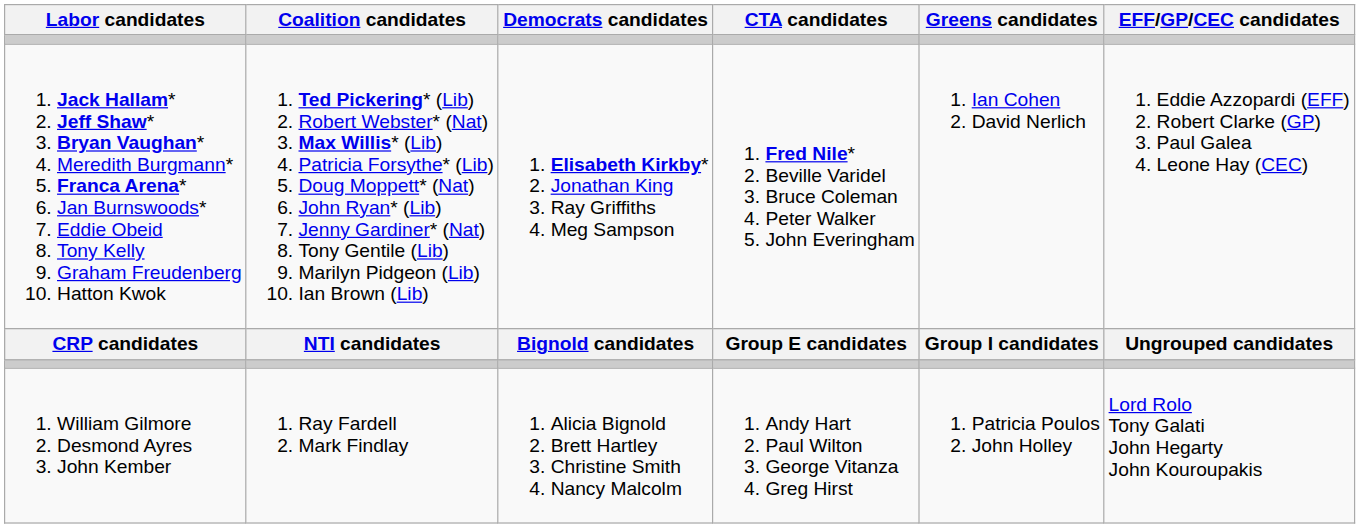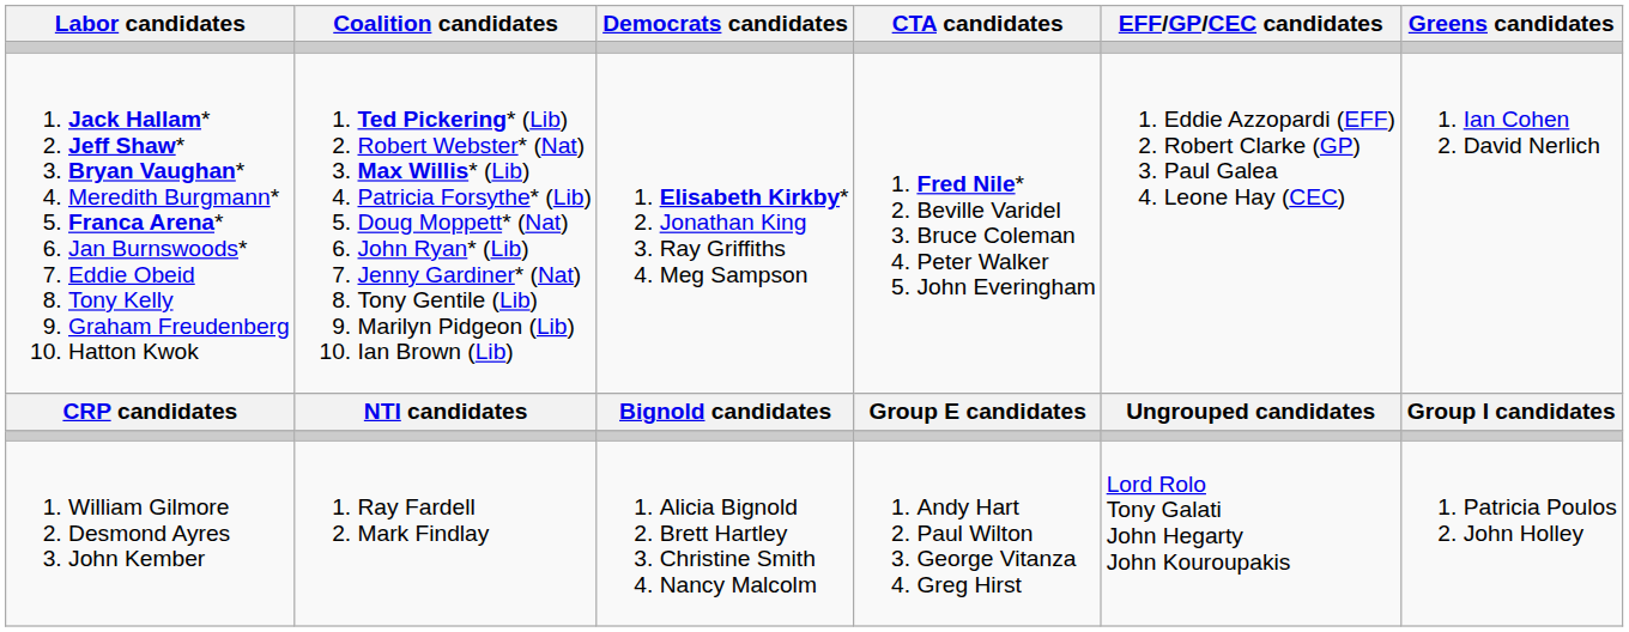 <table class="wikitable">
 <tr>
 <th><a href='#'>Labor</a> candidates</th>
 <th><a href='#'>Coalition</a> candidates</th>
 <th><a href='#'>Democrats</a> candidates</th>
 <th><a href='#'>CTA</a> candidates</th>
+<th><a href='#'>EFF</a>/<a href='#'>GP</a>/<a href='#'>CEC</a> candidates</th>
 <th><a href='#'>Greens</a> candidates</th>
-<th><a href='#'>EFF</a>/<a href='#'>GP</a>/<a href='#'>CEC</a> candidates</th>
 </tr>
 <tr bgcolor="#cccccc">
 <td></td>
 <td></td>
 <td></td>
 <td></td>
 <td></td>
 <td></td>
 </tr>
 <tr>
 <td><br><ol><li><strong><a href='#'>Jack Hallam</a></strong>*</li><li><strong><a href='#'>Jeff Shaw</a></strong>*</li><li><strong><a href='#'>Bryan Vaughan</a></strong>*</li><li><a href='#'>Meredith Burgmann</a>*</li><li><strong><a href='#'>Franca Arena</a></strong>*</li><li><a href='#'>Jan Burnswoods</a>*</li><li><a href='#'>Eddie Obeid</a></li><li><a href='#'>Tony Kelly</a></li><li><a href='#'>Graham Freudenberg</a></li><li>Hatton Kwok</li></ol></td>
 <td><br><ol><li><strong><a href='#'>Ted Pickering</a></strong>* (<a href='#'>Lib</a>)</li><li><a href='#'>Robert Webster</a>* (<a href='#'>Nat</a>)</li><li><strong><a href='#'>Max Willis</a></strong>* (<a href='#'>Lib</a>)</li><li><a href='#'>Patricia Forsythe</a>* (<a href='#'>Lib</a>)</li><li><a href='#'>Doug Moppett</a>* (<a href='#'>Nat</a>)</li><li><a href='#'>John Ryan</a>* (<a href='#'>Lib</a>)</li><li><a href='#'>Jenny Gardiner</a>* (<a href='#'>Nat</a>)</li><li>Tony Gentile (<a href='#'>Lib</a>)</li><li>Marilyn Pidgeon (<a href='#'>Lib</a>)</li><li>Ian Brown (<a href='#'>Lib</a>)</li></ol></td>
 <td><br><ol><li><strong><a href='#'>Elisabeth Kirkby</a></strong>*</li><li><a href='#'>Jonathan King</a></li><li>Ray Griffiths</li><li>Meg Sampson</li></ol></td>
 <td><br><ol><li><strong><a href='#'>Fred Nile</a></strong>*</li><li>Beville Varidel</li><li>Bruce Coleman</li><li>Peter Walker</li><li>John Everingham</li></ol></td>
+<td valign=top><br><ol><li>Eddie Azzopardi (<a href='#'>EFF</a>)</li><li>Robert Clarke (<a href='#'>GP</a>)</li><li>Paul Galea</li><li>Leone Hay (<a href='#'>CEC</a>)</li></ol></td>
 <td valign=top><br><ol><li><a href='#'>Ian Cohen</a></li><li>David Nerlich</li></ol></td>
-<td valign=top><br><ol><li>Eddie Azzopardi (<a href='#'>EFF</a>)</li><li>Robert Clarke (<a href='#'>GP</a>)</li><li>Paul Galea</li><li>Leone Hay (<a href='#'>CEC</a>)</li></ol></td>
 </tr>
 <tr bgcolor="#cccccc">
 <th><a href='#'>CRP</a> candidates</th>
 <th><a href='#'>NTI</a> candidates</th>
 <th><a href='#'>Bignold</a> candidates</th>
 <th>Group E candidates</th>
+<th>Ungrouped candidates</th>
 <th>Group I candidates</th>
-<th>Ungrouped candidates</th>
 </tr>
 <tr bgcolor="#cccccc">
 <td></td>
 <td></td>
 <td></td>
 <td></td>
 <td></td>
 <td></td>
 </tr>
 <tr>
 <td valign=top><br><ol><li>William Gilmore</li><li>Desmond Ayres</li><li>John Kember</li></ol></td>
 <td valign=top><br><ol><li>Ray Fardell</li><li>Mark Findlay</li></ol></td>
 <td valign=top><br><ol><li>Alicia Bignold</li><li>Brett Hartley</li><li>Christine Smith</li><li>Nancy Malcolm</li></ol></td>
 <td valign=top><br><ol><li>Andy Hart</li><li>Paul Wilton</li><li>George Vitanza</li><li>Greg Hirst</li></ol></td>
+<td valign=top><br><a href='#'>Lord Rolo</a><br> Tony Galati<br> John Hegarty<br> John Kouroupakis</td>
 <td valign=top><br><ol><li>Patricia Poulos</li><li>John Holley</li></ol></td>
-<td valign=top><br><a href='#'>Lord Rolo</a><br> Tony Galati<br> John Hegarty<br> John Kouroupakis</td>
 </tr>
 </table>
